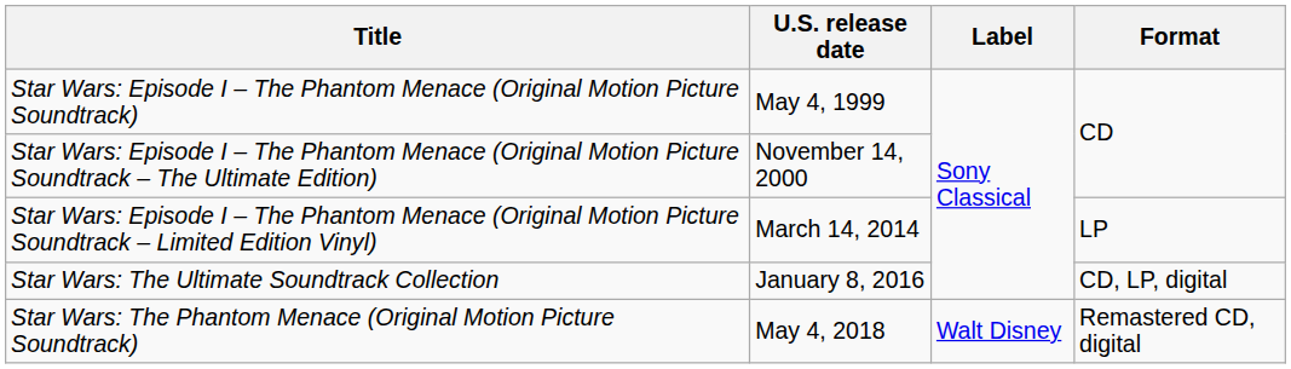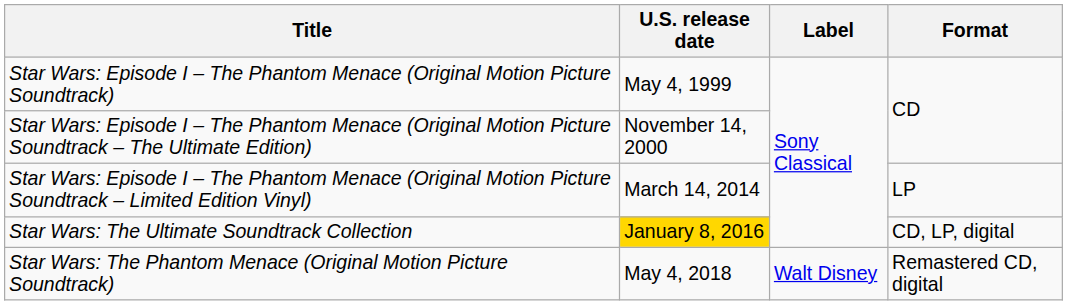 <table class="wikitable">
 <tr>
 <th>Title</th>
 <th>U.S. release date</th>
 <th>Label</th>
 <th>Format</th>
 </tr>
 <tr>
 <td><em>Star Wars: Episode I – The Phantom Menace (Original Motion Picture Soundtrack)</em></td>
 <td>May 4, 1999</td>
 <td rowspan="4"><a href='#'>Sony Classical</a></td>
 <td rowspan="2">CD</td>
 </tr>
 <tr>
 <td><em>Star Wars: Episode I – The Phantom Menace</em> <em>(Original Motion Picture Soundtrack – The Ultimate Edition)</em></td>
 <td>November 14, 2000</td>
 </tr>
 <tr>
 <td><em>Star Wars: Episode I – The Phantom Menace (Original Motion Picture Soundtrack – Limited Edition Vinyl)</em></td>
 <td>March 14, 2014</td>
 <td>LP</td>
 </tr>
 <tr>
 <td><em>Star Wars: The Ultimate Soundtrack Collection</em></td>
-<td>January 8, 2016</td>
+<td style="background: gold;">January 8, 2016</td>
 <td>CD, LP, digital</td>
 </tr>
 <tr>
 <td><em>Star Wars: The Phantom Menace (Original Motion Picture Soundtrack)</em></td>
 <td>May 4, 2018</td>
 <td><a href='#'>Walt Disney</a></td>
 <td>Remastered CD, digital</td>
 </tr>
 </table>
